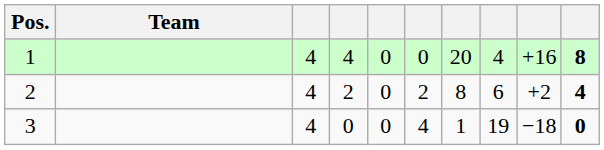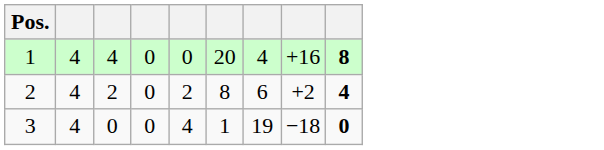 <table class="wikitable" style="text-align:center">
 <tr>
 <th width=30>Pos.</th>
-<th width=165>Team</th>
 <th width=20></th>
 <th width=20></th>
 <th width=20></th>
 <th width=20></th>
 <th width=20></th>
 <th width=20></th>
 <th width=20></th>
 <th width=20></th>
 </tr>
 <tr style="background:#cfc">
 <td>1</td>
-<td style="text-align:left"></td>
 <td>4</td>
 <td>4</td>
 <td>0</td>
 <td>0</td>
 <td>20</td>
 <td>4</td>
 <td>+16</td>
 <td><strong>8</strong></td>
 </tr>
 <tr>
 <td>2</td>
-<td style="text-align:left"></td>
 <td>4</td>
 <td>2</td>
 <td>0</td>
 <td>2</td>
 <td>8</td>
 <td>6</td>
 <td>+2</td>
 <td><strong>4</strong></td>
 </tr>
 <tr>
 <td>3</td>
-<td style="text-align:left"></td>
 <td>4</td>
 <td>0</td>
 <td>0</td>
 <td>4</td>
 <td>1</td>
 <td>19</td>
 <td>−18</td>
 <td><strong>0</strong></td>
 </tr>
 </table>
